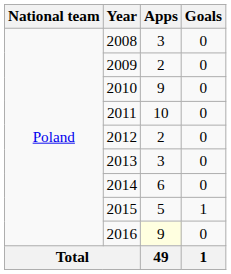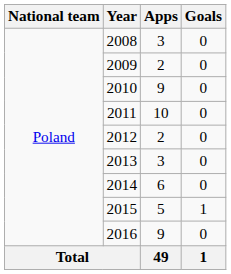 <table class="wikitable" style="text-align:center">
 <tr>
 <th>National team</th>
 <th>Year</th>
 <th>Apps</th>
 <th>Goals</th>
 </tr>
 <tr>
 <td rowspan="9"><a href='#'>Poland</a></td>
 <td>2008</td>
 <td>3</td>
 <td>0</td>
 </tr>
 <tr>
 <td>2009</td>
 <td>2</td>
 <td>0</td>
 </tr>
 <tr>
 <td>2010</td>
 <td>9</td>
 <td>0</td>
 </tr>
 <tr>
 <td>2011</td>
 <td>10</td>
 <td>0</td>
 </tr>
 <tr>
 <td>2012</td>
 <td>2</td>
 <td>0</td>
 </tr>
 <tr>
 <td>2013</td>
 <td>3</td>
 <td>0</td>
 </tr>
 <tr>
 <td>2014</td>
 <td>6</td>
 <td>0</td>
 </tr>
 <tr>
 <td>2015</td>
 <td>5</td>
 <td>1</td>
 </tr>
 <tr>
 <td>2016</td>
-<td style="background: lightyellow;">9</td>
+<td>9</td>
 <td>0</td>
 </tr>
 <tr>
 <th colspan="2">Total</th>
 <th>49</th>
 <th>1</th>
 </tr>
 </table>
